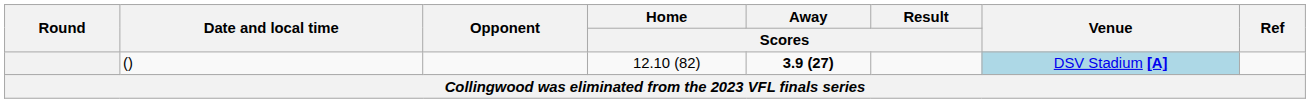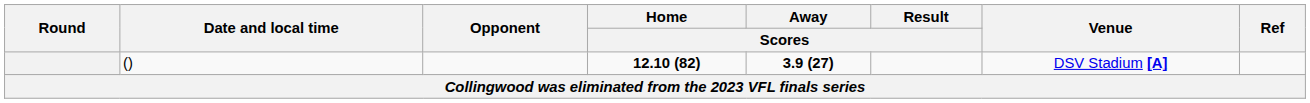 <table class="wikitable plainrowheaders" style="font-size:90%; width:100%; text-align:center;">
 <tr>
 <th scope="col" rowspan="2">Round</th>
 <th scope="col" rowspan="2">Date and local time</th>
 <th scope="col" rowspan="2">Opponent</th>
 <th scope="col">Home</th>
 <th scope="col">Away</th>
 <th scope="col">Result</th>
 <th scope="col" rowspan="2">Venue</th>
 <th scope="col" class="unsortable" rowspan=2>Ref</th>
 </tr>
 <tr>
 <th scope="col" colspan="3">Scores</th>
 </tr>
 <tr>
 <th scope="row"></th>
 <td align=left> ()</td>
 <td align=left></td>
-<td>12.10 (82)</td>
+<td><strong>12.10 (82)</strong></td>
 <td><strong>3.9 (27)</strong></td>
 <td></td>
-<td style="background: lightblue;"><a href='#'>DSV Stadium</a> <a href='#'><strong>[A]</strong></a></td>
+<td><a href='#'>DSV Stadium</a> <a href='#'><strong>[A]</strong></a></td>
 <td></td>
 </tr>
 <tr>
 <th colspan=8><span><em>Collingwood was eliminated from the 2023 VFL finals series</em></span></th>
 </tr>
 </table>
